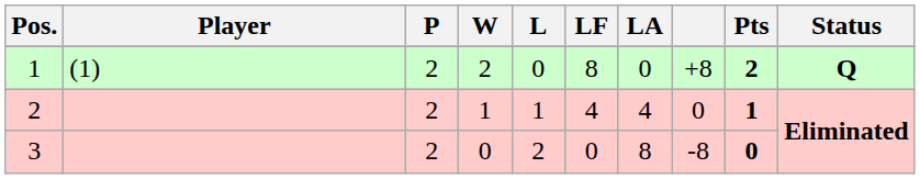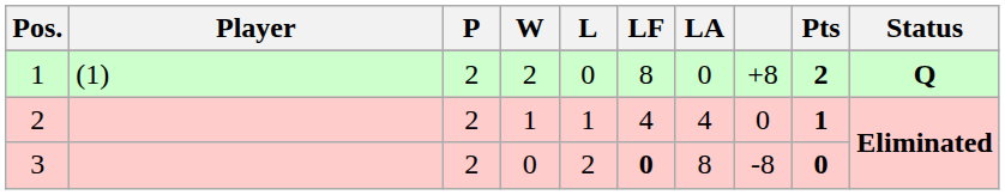 <table class="wikitable" style="text-align:center; margin: 1em auto 1em auto, align:left">
 <tr>
 <th width=25>Pos.</th>
 <th width=200>Player</th>
 <th width=25>P</th>
 <th width=25>W</th>
 <th width=25>L</th>
 <th width=25>LF</th>
 <th width=25>LA</th>
 <th width=25></th>
 <th width=25>Pts</th>
 <th width=75>Status</th>
 </tr>
 <tr>
 </tr>
 <tr style="background:#CCFFCC;">
 <td>1</td>
 <td align=left> (1)</td>
 <td>2</td>
 <td>2</td>
 <td>0</td>
 <td>8</td>
 <td>0</td>
 <td>+8</td>
 <td><strong>2</strong></td>
 <td><strong>Q</strong></td>
 </tr>
 <tr style="background:#FFCCCC;">
 <td>2</td>
 <td align=left></td>
 <td>2</td>
 <td>1</td>
 <td>1</td>
 <td>4</td>
 <td>4</td>
 <td>0</td>
 <td><strong>1</strong></td>
 <td rowspan=2><strong>Eliminated</strong></td>
 </tr>
 <tr style="background:#FFCCCC;">
 <td>3</td>
 <td align=left></td>
 <td>2</td>
 <td>0</td>
 <td>2</td>
-<td>0</td>
+<td><strong>0</strong></td>
 <td>8</td>
 <td>-8</td>
 <td><strong>0</strong></td>
 </tr>
 </table>
